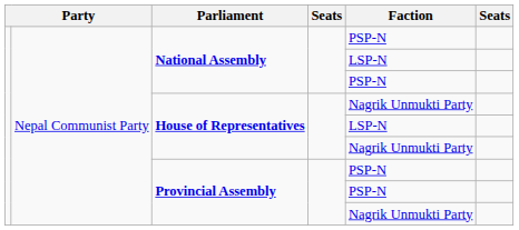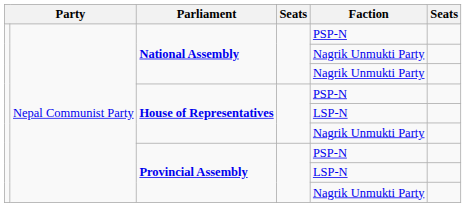 <table class="wikitable">
 <tr>
 <th colspan="2">Party</th>
 <th>Parliament</th>
 <th>Seats</th>
 <th>Faction</th>
 <th>Seats</th>
 </tr>
 <tr>
 <td rowspan="9"></td>
 <td rowspan="9"><a href='#'>Nepal Communist Party</a></td>
 <td rowspan="3"><strong><a href='#'>National Assembly</a></strong></td>
 <td rowspan="3"></td>
 <td><a href='#'>PSP-N</a></td>
 <td></td>
 </tr>
 <tr>
-<td><a href='#'>LSP-N</a></td>
+<td><a href='#'>Nagrik Unmukti Party</a></td>
 <td></td>
 </tr>
 <tr>
-<td><a href='#'>PSP-N</a></td>
+<td><a href='#'>Nagrik Unmukti Party</a></td>
 <td></td>
 </tr>
 <tr>
 <td rowspan="3"><strong><a href='#'>House of Representatives</a></strong></td>
 <td rowspan="3"></td>
-<td><a href='#'>Nagrik Unmukti Party</a></td>
+<td><a href='#'>PSP-N</a></td>
 <td></td>
 </tr>
 <tr>
 <td><a href='#'>LSP-N</a></td>
 <td></td>
 </tr>
 <tr>
 <td><a href='#'>Nagrik Unmukti Party</a></td>
 <td></td>
 </tr>
 <tr>
 <td rowspan="3"><strong><a href='#'>Provincial Assembly</a></strong></td>
 <td rowspan="3"></td>
 <td><a href='#'>PSP-N</a></td>
 <td></td>
 </tr>
 <tr>
-<td><a href='#'>PSP-N</a></td>
+<td><a href='#'>LSP-N</a></td>
 <td></td>
 </tr>
 <tr>
 <td><a href='#'>Nagrik Unmukti Party</a></td>
 <td></td>
 </tr>
 </table>
